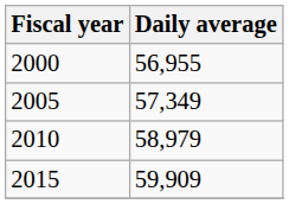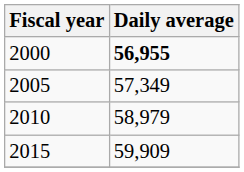 <table class="wikitable">
 <tr>
 <th>Fiscal year</th>
 <th>Daily average</th>
 </tr>
 <tr>
 <td>2000</td>
-<td>56,955</td>
+<td><strong>56,955</strong></td>
 </tr>
 <tr>
 <td>2005</td>
 <td>57,349</td>
 </tr>
 <tr>
 <td>2010</td>
 <td>58,979</td>
 </tr>
 <tr>
 <td>2015</td>
 <td>59,909</td>
 </tr>
 <tr>
 </tr>
 </table>
